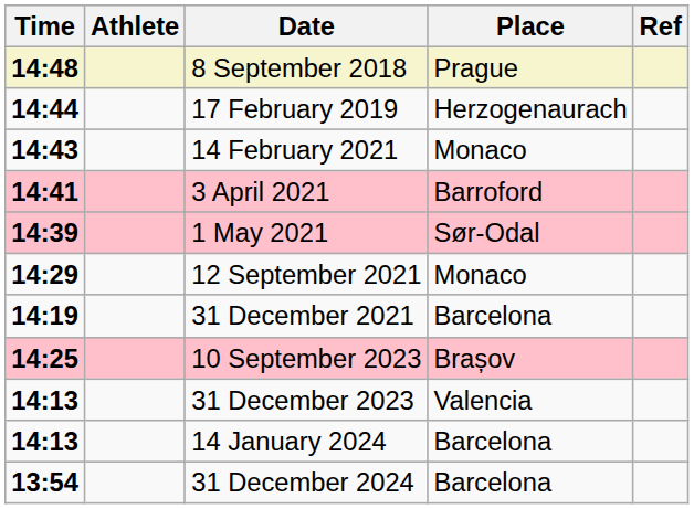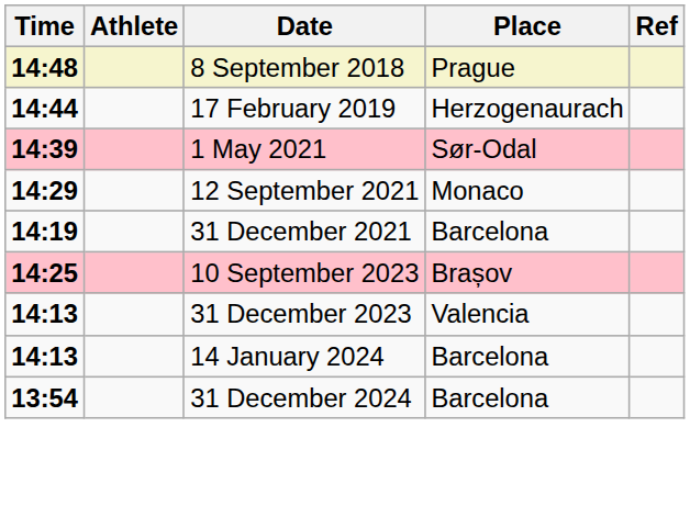 <table class="wikitable" style="font-size:95%">
 <tr>
 <th>Time</th>
 <th>Athlete</th>
 <th>Date</th>
 <th>Place</th>
 <th>Ref</th>
 </tr>
 <tr bgcolor=#f6F5CE>
 <td><strong>14:48</strong> </td>
 <td></td>
 <td>8 September 2018</td>
 <td>Prague</td>
 <td></td>
 </tr>
 <tr>
 <td><strong>14:44</strong> </td>
 <td></td>
 <td>17 February 2019</td>
 <td>Herzogenaurach</td>
-<td></td>
-</tr>
-<tr>
-<td><strong>14:43</strong> </td>
-<td></td>
-<td>14 February 2021</td>
-<td>Monaco</td>
-<td></td>
-</tr>
-<tr bgcolor=#CEF6F5 style="background:pink;">
-<td><strong>14:41</strong>  </td>
-<td></td>
-<td>3 April 2021</td>
-<td>Barroford</td>
 <td></td>
 </tr>
 <tr bgcolor=#CEF6F5 style="background:pink;">
 <td><strong>14:39</strong>  </td>
 <td></td>
 <td>1 May 2021</td>
 <td>Sør-Odal</td>
 <td></td>
 </tr>
 <tr>
 <td><strong>14:29</strong> </td>
 <td></td>
 <td>12 September 2021</td>
 <td>Monaco</td>
 <td></td>
 </tr>
 <tr>
 <td><strong>14:19</strong> </td>
 <td></td>
 <td>31 December 2021</td>
 <td>Barcelona</td>
 <td></td>
 </tr>
 <tr bgcolor=#CEF6F5 style="background:pink;">
 <td><strong>14:25</strong> </td>
 <td></td>
 <td>10 September 2023</td>
 <td>Brașov</td>
 <td></td>
 </tr>
 <tr>
 <td><strong>14:13</strong> </td>
 <td></td>
 <td>31 December 2023</td>
 <td>Valencia</td>
 <td></td>
 </tr>
 <tr>
 <td><strong>14:13</strong>  </td>
 <td></td>
 <td>14 January 2024</td>
 <td>Barcelona</td>
 <td></td>
 </tr>
 <tr>
 <td><strong>13:54</strong> </td>
 <td></td>
 <td>31 December 2024</td>
 <td>Barcelona</td>
 <td></td>
 </tr>
 </table>
